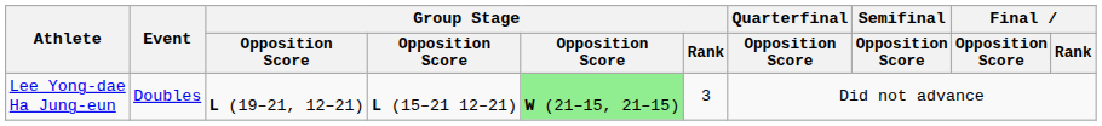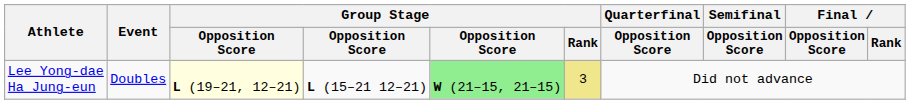 <table class="wikitable" style="font-size:90%">
 <tr>
 <th rowspan=2>Athlete</th>
 <th rowspan=2>Event</th>
 <th colspan=4>Group Stage</th>
 <th>Quarterfinal</th>
 <th>Semifinal</th>
 <th colspan=2>Final / </th>
 </tr>
 <tr style="font-size:95%">
 <th>Opposition<br>Score</th>
 <th>Opposition<br>Score</th>
 <th>Opposition<br>Score</th>
 <th>Rank</th>
 <th>Opposition<br>Score</th>
 <th>Opposition<br>Score</th>
 <th>Opposition<br>Score</th>
 <th>Rank</th>
 </tr>
 <tr align=center>
 <td align=left><a href='#'>Lee Yong-dae</a><br><a href='#'>Ha Jung-eun</a></td>
 <td align=left><a href='#'>Doubles</a></td>
-<td> <br> <strong>L</strong> (19–21, 12–21)</td>
+<td style="background: lightyellow;"> <br> <strong>L</strong> (19–21, 12–21)</td>
 <td> <br> <strong>L</strong> (15–21 12–21)</td>
 <td style="background: lightgreen;"> <br> <strong>W</strong> (21–15, 21–15)</td>
-<td>3</td>
+<td style="background: khaki;">3</td>
 <td colspan=4>Did not advance</td>
 </tr>
 </table>
